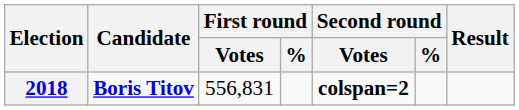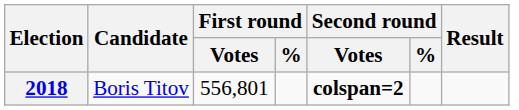 <table class=wikitable style=text-align:center>
 <tr>
 <th rowspan="2"><strong>Election</strong></th>
 <th rowspan="2">Candidate</th>
 <th colspan="2" scope="col">First round</th>
 <th colspan="2">Second round</th>
 <th rowspan="2">Result</th>
 </tr>
 <tr>
 <th><strong>Votes</strong></th>
 <th><strong>%</strong></th>
 <th><strong>Votes</strong></th>
 <th><strong>%</strong></th>
 </tr>
 <tr>
 <th><a href='#'>2018</a></th>
-<td><strong><a href='#'>Boris Titov</a></strong></td>
-<td>556,831</td>
+<td><a href='#'>Boris Titov</a></td>
+<td>556,801</td>
 <td></td>
 <td><strong>colspan=2 </strong></td>
 <td></td>
 </tr>
 </table>
